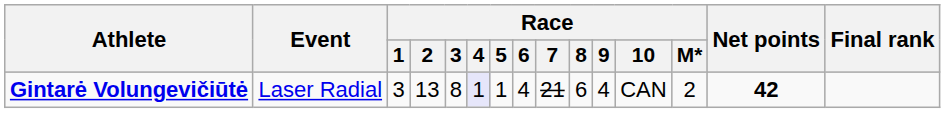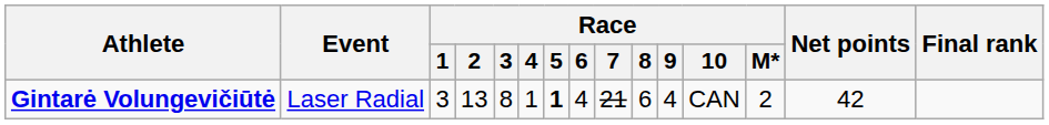 <table class="wikitable" style="font-size:90%">
 <tr>
 <th rowspan="2">Athlete</th>
 <th rowspan="2">Event</th>
 <th colspan=11>Race</th>
 <th rowspan=2>Net points</th>
 <th rowspan=2>Final rank</th>
 </tr>
 <tr style="font-size:95%">
 <th>1</th>
 <th>2</th>
 <th>3</th>
 <th>4</th>
 <th>5</th>
 <th>6</th>
 <th>7</th>
 <th>8</th>
 <th>9</th>
 <th>10</th>
 <th>M*</th>
 </tr>
 <tr align=center>
 <td align=left><strong><a href='#'>Gintarė Volungevičiūtė</a></strong></td>
 <td align=left><a href='#'>Laser Radial</a></td>
 <td>3</td>
 <td>13</td>
 <td>8</td>
-<td style="background: lavender;">1</td>
 <td>1</td>
+<td><strong>1</strong></td>
 <td>4</td>
 <td><s>21</s></td>
 <td>6</td>
 <td>4</td>
 <td>CAN</td>
 <td>2</td>
-<td><strong>42</strong></td>
+<td>42</td>
 <td></td>
 </tr>
 </table>
